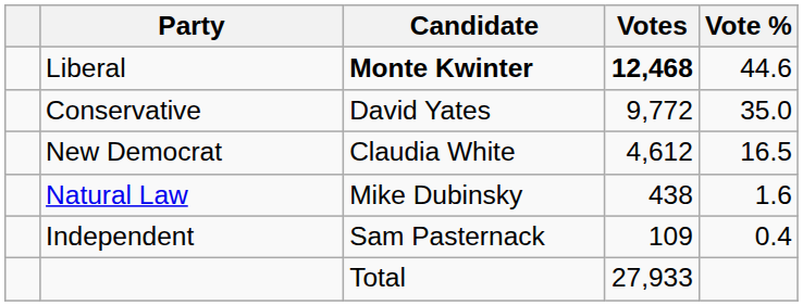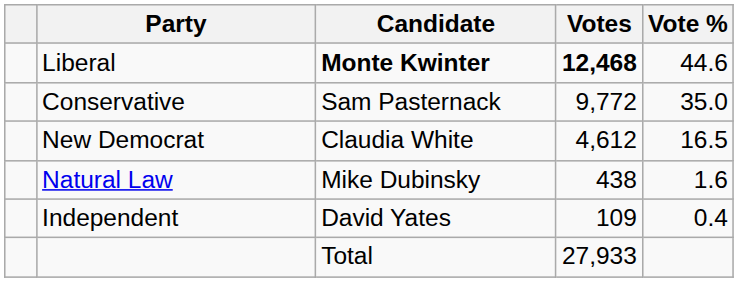 <table class="wikitable">
 <tr>
 <th></th>
 <th scope="col" width="175">Party</th>
 <th scope="col" width="150">Candidate</th>
 <th>Votes</th>
 <th>Vote %</th>
 </tr>
 <tr>
 <td>   </td>
 <td>Liberal</td>
 <td><strong>Monte Kwinter</strong></td>
 <td align=right><strong>12,468</strong></td>
 <td align=right>44.6</td>
 </tr>
 <tr>
 <td>   </td>
 <td>Conservative</td>
-<td>David Yates</td>
+<td>Sam Pasternack</td>
 <td align=right>9,772</td>
 <td align=right>35.0</td>
 </tr>
 <tr>
 <td>   </td>
 <td>New Democrat</td>
 <td>Claudia White</td>
 <td align=right>4,612</td>
 <td align=right>16.5</td>
 </tr>
 <tr |>
 <td>   </td>
 <td><a href='#'>Natural Law</a></td>
 <td>Mike Dubinsky</td>
 <td align=right>438</td>
 <td align=right>1.6<br> </td>
 </tr>
 <tr |>
 <td>   </td>
 <td>Independent</td>
-<td>Sam Pasternack</td>
+<td>David Yates</td>
 <td align=right>109</td>
 <td align=right>0.4</td>
 </tr>
 <tr |>
 <td></td>
 <td></td>
 <td>Total</td>
 <td align=right>27,933</td>
 <td></td>
 </tr>
 </table>
